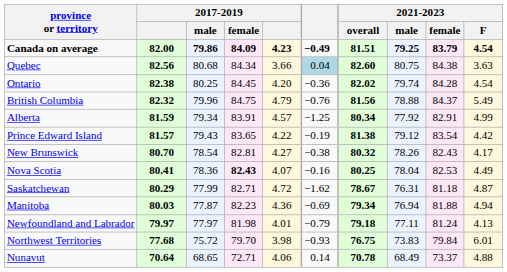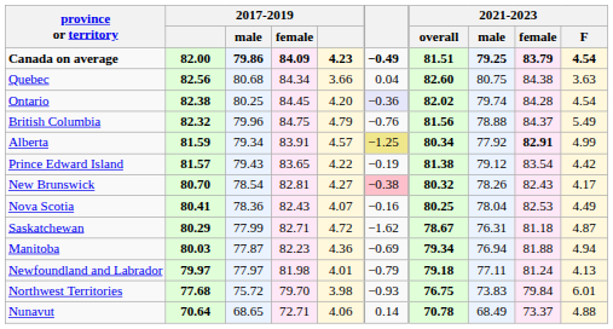 <table class="wikitable sortable static-row-numbers sort-under" style="text-align:right;">
 <tr class="static-row-header" style="text-align:center;vertical-align:bottom;">
 <th rowspan=2 style="vertical-align:middle;"><a href='#'>province</a><br>or <a href='#'>territory</a></th>
 <th colspan=4>2017-2019</th>
 <th rowspan=2 style="vertical-align:middle;border-left-width:2px;widths:5em;"></th>
 <th colspan=4 style="border-left-width:2px;">2021-2023</th>
 </tr>
 <tr class="static-row-header" style="text-align:center;vertical-align:bottom;">
 <th style="vertical-align:middle;width:4em;"></th>
 <th style="vertical-align:middle;width:3em;">male</th>
 <th style="vertical-align:middle;width:3em;">female</th>
 <th style="width:3em;"></th>
 <th style="vertical-align:middle;width:4em;border-left-width:2px;">overall</th>
 <th style="vertical-align:middle;width:3em;">male</th>
 <th style="vertical-align:middle;width:3em;">female</th>
 <th style="width:3em;">F </th>
 </tr>
 <tr class=static-row-header>
 <td style="text-align:left;"><strong>Canada on average</strong></td>
 <td style="text-align:center;background:#e0ffd8;"><strong>82.00</strong></td>
 <td style="text-align:center;background:#eaf3ff;"><strong>79.86</strong></td>
 <td style="text-align:center;background:#fee7f6;"><strong>84.09</strong></td>
 <td style="text-align:center;background:#fff8dc;"><strong>4.23</strong></td>
 <td style="padding-right:1.5ex;border-left-width:2px;"><strong>−0.49</strong></td>
 <td style="text-align:center;background:#e0ffd8;border-left-width:2px;"><strong>81.51</strong></td>
 <td style="text-align:center;background:#eaf3ff;"><strong>79.25</strong></td>
 <td style="text-align:center;background:#fee7f6;"><strong>83.79</strong></td>
 <td style="text-align:center;background:#fff8dc;"><strong>4.54</strong></td>
 </tr>
 <tr>
 <td style="text-align:left;"><a href='#'>Quebec</a></td>
 <td style="text-align:center;background:#e0ffd8;"><strong>82.56</strong></td>
 <td style="text-align:center;background:#eaf3ff;">80.68</td>
 <td style="text-align:center;background:#fee7f6;">84.34</td>
 <td style="text-align:center;background:#fff8dc;">3.66</td>
-<td style="background: lightblue; padding-right:1.5ex;border-left-width:2px;">0.04</td>
+<td style="padding-right:1.5ex;border-left-width:2px;">0.04</td>
 <td style="text-align:center;background:#e0ffd8;border-left-width:2px;"><strong>82.60</strong></td>
 <td style="text-align:center;background:#eaf3ff;">80.75</td>
 <td style="text-align:center;background:#fee7f6;">84.38</td>
 <td style="text-align:center;background:#fff8dc;">3.63</td>
 </tr>
 <tr>
 <td style="text-align:left;"><a href='#'>Ontario</a></td>
 <td style="text-align:center;background:#e0ffd8;"><strong>82.38</strong></td>
 <td style="text-align:center;background:#eaf3ff;">80.25</td>
 <td style="text-align:center;background:#fee7f6;">84.45</td>
 <td style="text-align:center;background:#fff8dc;">4.20</td>
-<td style="padding-right:1.5ex;border-left-width:2px;">−0.36</td>
+<td style="background: lavender; padding-right:1.5ex;border-left-width:2px;">−0.36</td>
 <td style="text-align:center;background:#e0ffd8;border-left-width:2px;"><strong>82.02</strong></td>
 <td style="text-align:center;background:#eaf3ff;">79.74</td>
 <td style="text-align:center;background:#fee7f6;">84.28</td>
 <td style="text-align:center;background:#fff8dc;">4.54</td>
 </tr>
 <tr>
 <td style="text-align:left;"><a href='#'>British Columbia</a></td>
 <td style="text-align:center;background:#e0ffd8;"><strong>82.32</strong></td>
 <td style="text-align:center;background:#eaf3ff;">79.96</td>
 <td style="text-align:center;background:#fee7f6;">84.75</td>
 <td style="text-align:center;background:#fff8dc;">4.79</td>
 <td style="padding-right:1.5ex;border-left-width:2px;">−0.76</td>
 <td style="text-align:center;background:#e0ffd8;border-left-width:2px;"><strong>81.56</strong></td>
 <td style="text-align:center;background:#eaf3ff;">78.88</td>
 <td style="text-align:center;background:#fee7f6;">84.37</td>
 <td style="text-align:center;background:#fff8dc;">5.49</td>
 </tr>
 <tr>
 <td style="text-align:left;"><a href='#'>Alberta</a></td>
 <td style="text-align:center;background:#e0ffd8;"><strong>81.59</strong></td>
 <td style="text-align:center;background:#eaf3ff;">79.34</td>
 <td style="text-align:center;background:#fee7f6;">83.91</td>
 <td style="text-align:center;background:#fff8dc;">4.57</td>
-<td style="padding-right:1.5ex;border-left-width:2px;">−1.25</td>
+<td style="background: khaki; padding-right:1.5ex;border-left-width:2px;">−1.25</td>
 <td style="text-align:center;background:#e0ffd8;border-left-width:2px;"><strong>80.34</strong></td>
 <td style="text-align:center;background:#eaf3ff;">77.92</td>
-<td style="text-align:center;background:#fee7f6;">82.91</td>
+<td style="text-align:center;background:#fee7f6;"><strong>82.91</strong></td>
 <td style="text-align:center;background:#fff8dc;">4.99</td>
 </tr>
 <tr>
 <td style="text-align:left;"><a href='#'>Prince Edward Island</a></td>
 <td style="text-align:center;background:#e0ffd8;"><strong>81.57</strong></td>
 <td style="text-align:center;background:#eaf3ff;">79.43</td>
 <td style="text-align:center;background:#fee7f6;">83.65</td>
 <td style="text-align:center;background:#fff8dc;">4.22</td>
 <td style="padding-right:1.5ex;border-left-width:2px;">−0.19</td>
 <td style="text-align:center;background:#e0ffd8;border-left-width:2px;"><strong>81.38</strong></td>
 <td style="text-align:center;background:#eaf3ff;">79.12</td>
 <td style="text-align:center;background:#fee7f6;">83.54</td>
 <td style="text-align:center;background:#fff8dc;">4.42</td>
 </tr>
 <tr>
 <td style="text-align:left;"><a href='#'>New Brunswick</a></td>
 <td style="text-align:center;background:#e0ffd8;"><strong>80.70</strong></td>
 <td style="text-align:center;background:#eaf3ff;">78.54</td>
 <td style="text-align:center;background:#fee7f6;">82.81</td>
 <td style="text-align:center;background:#fff8dc;">4.27</td>
-<td style="padding-right:1.5ex;border-left-width:2px;">−0.38</td>
+<td style="background: pink; padding-right:1.5ex;border-left-width:2px;">−0.38</td>
 <td style="text-align:center;background:#e0ffd8;border-left-width:2px;"><strong>80.32</strong></td>
 <td style="text-align:center;background:#eaf3ff;">78.26</td>
 <td style="text-align:center;background:#fee7f6;">82.43</td>
 <td style="text-align:center;background:#fff8dc;">4.17</td>
 </tr>
 <tr>
 <td style="text-align:left;"><a href='#'>Nova Scotia</a></td>
 <td style="text-align:center;background:#e0ffd8;"><strong>80.41</strong></td>
 <td style="text-align:center;background:#eaf3ff;">78.36</td>
-<td style="text-align:center;background:#fee7f6;"><strong>82.43</strong></td>
+<td style="text-align:center;background:#fee7f6;">82.43</td>
 <td style="text-align:center;background:#fff8dc;">4.07</td>
 <td style="padding-right:1.5ex;border-left-width:2px;">−0.16</td>
 <td style="text-align:center;background:#e0ffd8;border-left-width:2px;"><strong>80.25</strong></td>
 <td style="text-align:center;background:#eaf3ff;">78.04</td>
 <td style="text-align:center;background:#fee7f6;">82.53</td>
 <td style="text-align:center;background:#fff8dc;">4.49</td>
 </tr>
 <tr>
 <td style="text-align:left;"><a href='#'>Saskatchewan</a></td>
 <td style="text-align:center;background:#e0ffd8;"><strong>80.29</strong></td>
 <td style="text-align:center;background:#eaf3ff;">77.99</td>
 <td style="text-align:center;background:#fee7f6;">82.71</td>
 <td style="text-align:center;background:#fff8dc;">4.72</td>
 <td style="padding-right:1.5ex;border-left-width:2px;">−1.62</td>
 <td style="text-align:center;background:#e0ffd8;border-left-width:2px;"><strong>78.67</strong></td>
 <td style="text-align:center;background:#eaf3ff;">76.31</td>
 <td style="text-align:center;background:#fee7f6;">81.18</td>
 <td style="text-align:center;background:#fff8dc;">4.87</td>
 </tr>
 <tr>
 <td style="text-align:left;"><a href='#'>Manitoba</a></td>
 <td style="text-align:center;background:#e0ffd8;"><strong>80.03</strong></td>
 <td style="text-align:center;background:#eaf3ff;">77.87</td>
 <td style="text-align:center;background:#fee7f6;">82.23</td>
 <td style="text-align:center;background:#fff8dc;">4.36</td>
 <td style="padding-right:1.5ex;border-left-width:2px;">−0.69</td>
 <td style="text-align:center;background:#e0ffd8;border-left-width:2px;"><strong>79.34</strong></td>
 <td style="text-align:center;background:#eaf3ff;">76.94</td>
 <td style="text-align:center;background:#fee7f6;">81.88</td>
 <td style="text-align:center;background:#fff8dc;">4.94</td>
 </tr>
 <tr>
 <td style="text-align:left;"><a href='#'>Newfoundland and Labrador</a></td>
 <td style="text-align:center;background:#e0ffd8;"><strong>79.97</strong></td>
 <td style="text-align:center;background:#eaf3ff;">77.97</td>
 <td style="text-align:center;background:#fee7f6;">81.98</td>
 <td style="text-align:center;background:#fff8dc;">4.01</td>
 <td style="padding-right:1.5ex;border-left-width:2px;">−0.79</td>
 <td style="text-align:center;background:#e0ffd8;border-left-width:2px;"><strong>79.18</strong></td>
 <td style="text-align:center;background:#eaf3ff;">77.11</td>
 <td style="text-align:center;background:#fee7f6;">81.24</td>
 <td style="text-align:center;background:#fff8dc;">4.13</td>
 </tr>
 <tr>
 <td style="text-align:left;"><a href='#'>Northwest Territories</a></td>
 <td style="text-align:center;background:#e0ffd8;"><strong>77.68</strong></td>
 <td style="text-align:center;background:#eaf3ff;">75.72</td>
 <td style="text-align:center;background:#fee7f6;">79.70</td>
 <td style="text-align:center;background:#fff8dc;">3.98</td>
 <td style="padding-right:1.5ex;border-left-width:2px;">−0.93</td>
 <td style="text-align:center;background:#e0ffd8;border-left-width:2px;"><strong>76.75</strong></td>
 <td style="text-align:center;background:#eaf3ff;">73.83</td>
 <td style="text-align:center;background:#fee7f6;">79.84</td>
 <td style="text-align:center;background:#fff8dc;">6.01</td>
 </tr>
 <tr>
 <td style="text-align:left;"><a href='#'>Nunavut</a></td>
 <td style="text-align:center;background:#e0ffd8;"><strong>70.64</strong></td>
 <td style="text-align:center;background:#eaf3ff;">68.65</td>
 <td style="text-align:center;background:#fee7f6;">72.71</td>
 <td style="text-align:center;background:#fff8dc;">4.06</td>
 <td style="padding-right:1.5ex;border-left-width:2px;">0.14</td>
 <td style="text-align:center;background:#e0ffd8;border-left-width:2px;"><strong>70.78</strong></td>
 <td style="text-align:center;background:#eaf3ff;">68.49</td>
 <td style="text-align:center;background:#fee7f6;">73.37</td>
 <td style="text-align:center;background:#fff8dc;">4.88</td>
 </tr>
 </table>
